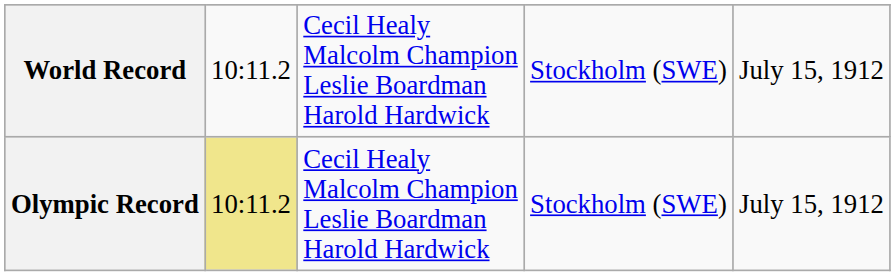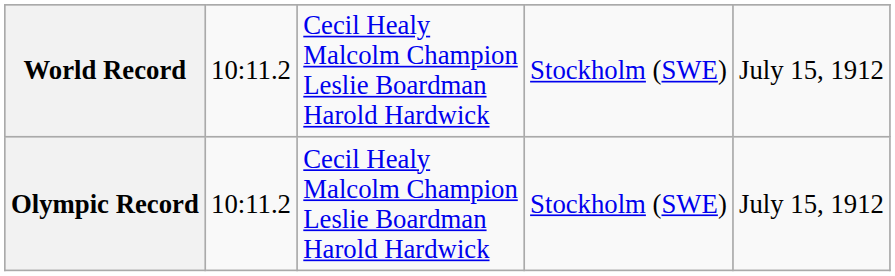 <table class="wikitable" style="text-align:left">
 <tr>
 <th>World Record</th>
 <td>10:11.2</td>
 <td> <a href='#'>Cecil Healy</a><br> <a href='#'>Malcolm Champion</a><br> <a href='#'>Leslie Boardman</a><br> <a href='#'>Harold Hardwick</a></td>
 <td><a href='#'>Stockholm</a> (<a href='#'>SWE</a>)</td>
 <td>July 15, 1912</td>
 </tr>
 <tr>
 <th>Olympic Record</th>
-<td style="background: khaki;">10:11.2</td>
+<td>10:11.2</td>
 <td> <a href='#'>Cecil Healy</a><br> <a href='#'>Malcolm Champion</a><br> <a href='#'>Leslie Boardman</a><br> <a href='#'>Harold Hardwick</a></td>
 <td><a href='#'>Stockholm</a> (<a href='#'>SWE</a>)</td>
 <td>July 15, 1912</td>
 </tr>
 </table>
